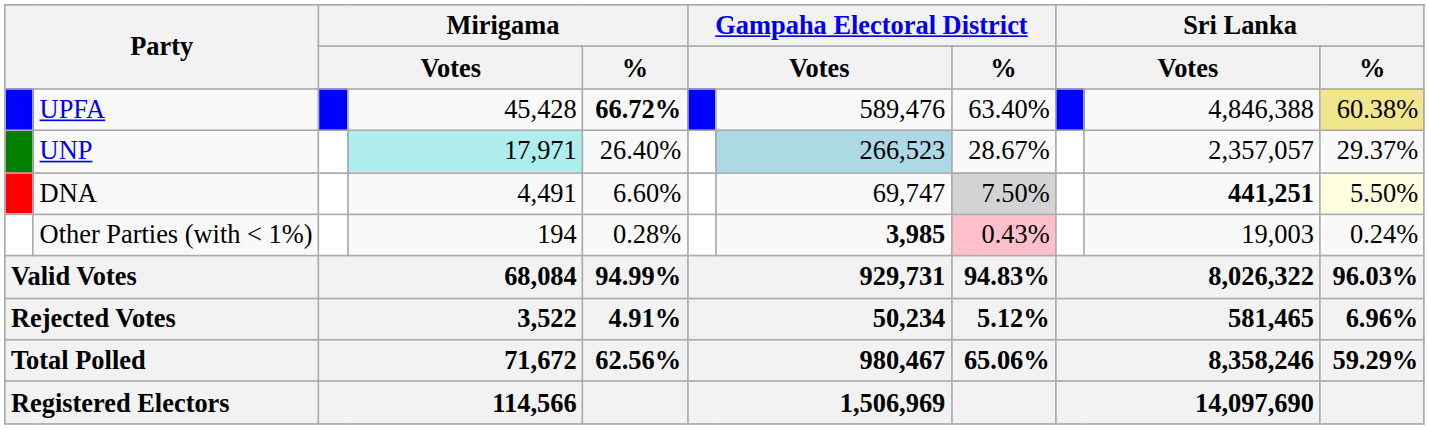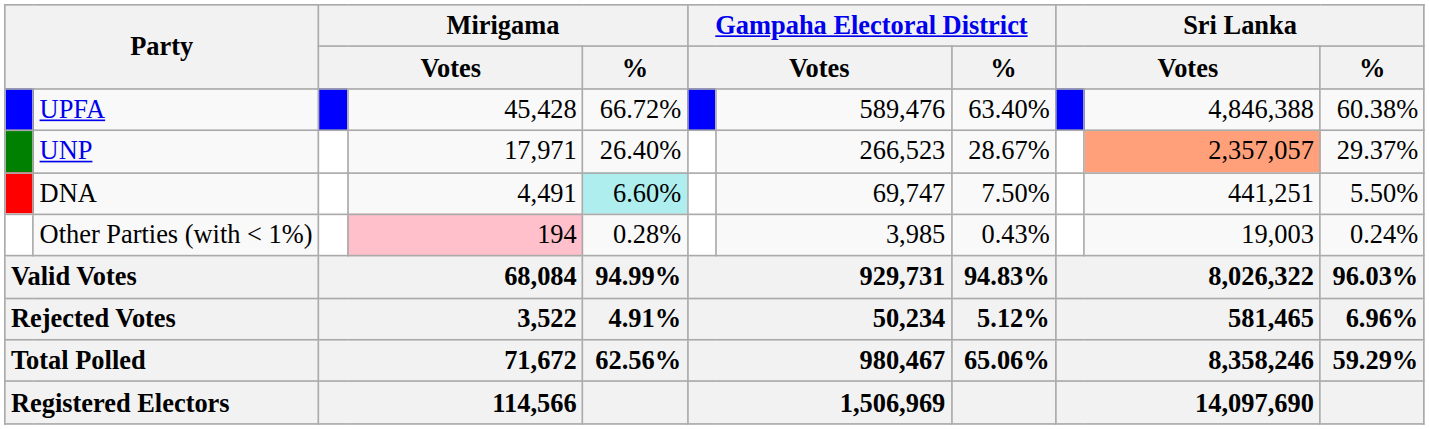 <table class="wikitable">
 <tr>
 <th colspan="2" width="144px"rowspan="2">Party</th>
 <th colspan="3" width="216px">Mirigama</th>
 <th colspan="3" width="216px"><a href='#'>Gampaha Electoral District</a></th>
 <th colspan="3" width="216px">Sri Lanka</th>
 </tr>
 <tr>
 <th colspan="2" width="144px">Votes</th>
 <th>%</th>
 <th colspan="2" width="144px">Votes</th>
 <th>%</th>
 <th colspan="2" width="144px">Votes</th>
 <th>%</th>
 </tr>
 <tr>
 <td style="background-color:blue;" width="10px"></td>
 <td style="text-align:left;"><a href='#'>UPFA</a></td>
 <td style="background-color:blue;" width="10px"></td>
 <td style="text-align:right;">45,428</td>
-<td style="text-align:right;"><strong>66.72%</strong></td>
+<td style="text-align:right;">66.72%</td>
 <td style="background-color:blue;" width="10px"></td>
 <td style="text-align:right;">589,476</td>
 <td style="text-align:right;">63.40%</td>
 <td style="background-color:blue;" width="10px"></td>
 <td style="text-align:right;">4,846,388</td>
-<td style="background: khaki; text-align:right;">60.38%</td>
+<td style="text-align:right;">60.38%</td>
 </tr>
 <tr>
 <td style="background-color:green;" width="10px"></td>
 <td style="text-align:left;"><a href='#'>UNP</a></td>
 <td style="background-color:white;" width="10px"></td>
-<td style="background: paleturquoise; text-align:right;">17,971</td>
+<td style="text-align:right;">17,971</td>
 <td style="text-align:right;">26.40%</td>
 <td style="background-color:white;" width="10px"></td>
-<td style="background: lightblue; text-align:right;">266,523</td>
+<td style="text-align:right;">266,523</td>
 <td style="text-align:right;">28.67%</td>
 <td style="background-color:white;" width="10px"></td>
-<td style="text-align:right;">2,357,057</td>
+<td style="background: lightsalmon; text-align:right;">2,357,057</td>
 <td style="text-align:right;">29.37%</td>
 </tr>
 <tr>
 <td style="background-color:red;" width="10px"></td>
 <td style="text-align:left;">DNA</td>
 <td style="background-color:white;" width="10px"></td>
 <td style="text-align:right;">4,491</td>
-<td style="text-align:right;">6.60%</td>
+<td style="background: paleturquoise; text-align:right;">6.60%</td>
 <td style="background-color:white;" width="10px"></td>
 <td style="text-align:right;">69,747</td>
-<td style="background: lightgrey; text-align:right;">7.50%</td>
+<td style="text-align:right;">7.50%</td>
 <td style="background-color:white;" width="10px"></td>
-<td style="text-align:right;"><strong>441,251</strong></td>
-<td style="background: lightyellow; text-align:right;">5.50%</td>
+<td style="text-align:right;">441,251</td>
+<td style="text-align:right;">5.50%</td>
 </tr>
 <tr>
 <td style="background-color:white;" width="10px"></td>
 <td style="text-align:left;">Other Parties (with < 1%)</td>
 <td style="background-color:white;" width="10px"></td>
-<td style="text-align:right;">194</td>
+<td style="background: pink; text-align:right;">194</td>
 <td style="text-align:right;">0.28%</td>
 <td style="background-color:white;" width="10px"></td>
-<td style="text-align:right;"><strong>3,985</strong></td>
-<td style="background: pink; text-align:right;">0.43%</td>
+<td style="text-align:right;">3,985</td>
+<td style="text-align:right;">0.43%</td>
 <td style="background-color:white;" width="10px"></td>
 <td style="text-align:right;">19,003</td>
 <td style="text-align:right;">0.24%</td>
 </tr>
 <tr>
 <th colspan="2" width="144px"style="text-align:left;">Valid Votes</th>
 <th style="text-align:right;"colspan="2" width="144px">68,084</th>
 <th style="text-align:right;">94.99%</th>
 <th style="text-align:right;"colspan="2" width="144px">929,731</th>
 <th style="text-align:right;">94.83%</th>
 <th style="text-align:right;"colspan="2" width="144px">8,026,322</th>
 <th style="text-align:right;">96.03%</th>
 </tr>
 <tr>
 <th colspan="2" width="144px"style="text-align:left;">Rejected Votes</th>
 <th style="text-align:right;"colspan="2" width="144px">3,522</th>
 <th style="text-align:right;">4.91%</th>
 <th style="text-align:right;"colspan="2" width="144px">50,234</th>
 <th style="text-align:right;">5.12%</th>
 <th style="text-align:right;"colspan="2" width="144px">581,465</th>
 <th style="text-align:right;">6.96%</th>
 </tr>
 <tr>
 <th colspan="2" width="144px"style="text-align:left;">Total Polled</th>
 <th style="text-align:right;"colspan="2" width="144px">71,672</th>
 <th style="text-align:right;">62.56%</th>
 <th style="text-align:right;"colspan="2" width="144px">980,467</th>
 <th style="text-align:right;">65.06%</th>
 <th style="text-align:right;"colspan="2" width="144px">8,358,246</th>
 <th style="text-align:right;">59.29%</th>
 </tr>
 <tr>
 <th colspan="2" width="144px"style="text-align:left;">Registered Electors</th>
 <th style="text-align:right;"colspan="2" width="144px">114,566</th>
 <th></th>
 <th style="text-align:right;"colspan="2" width="144px">1,506,969</th>
 <th></th>
 <th style="text-align:right;"colspan="2" width="144px">14,097,690</th>
 <th></th>
 </tr>
 </table>
